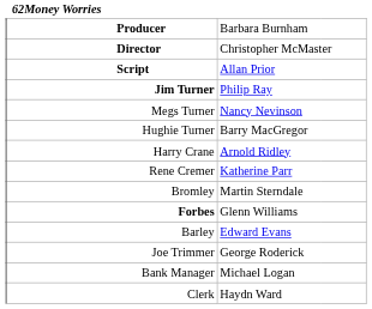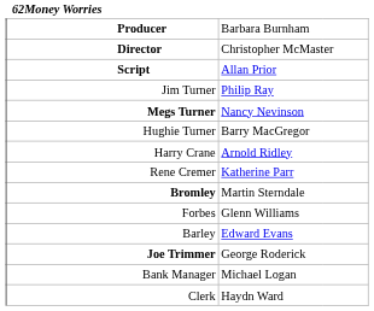 <table class="wikitable mw-collapsible mw-collapsed" style="vertical-align:top;margin:auto 2em;line-height:1.2;min-width:33em;display: inline-table;background-color:inherit;border:none;">
 <tr>
 <td class=unsortable style="border:hidden;line-height:1.67;text-align:center;margin-left:-1em;padding-left:0.5em;min-width:1.0em;"></td>
 <td class=unsortable style="border:none;padding-left:0.5em;text-align:left;min-width:16.5em;font-weight:700;font-style:italic;">62Money Worries</td>
 <td class=unsortable style="border:none;text-align:right;font-weight:normal;font-family:Courier;font-size:95%;letter-spacing:-1pt;min-width:8.5em;padding-right:0.2em;"></td>
 <td class=unsortable style="border:hidden;min-width:3.5em;padding-left:0;"></td>
 <td class=unsortable style="border:hidden;min-width:3.5em;font-size:95%;"></td>
 </tr>
 <tr>
 <td rowspan=100 style="border:none thin;border-right-style :solid;"></td>
 </tr>
 <tr>
 <td style="text-align:left;padding-left:9.0em;font-weight:bold;">Producer</td>
 <td colspan=2>Barbara Burnham</td>
 </tr>
 <tr>
 <td style="text-align:left;padding-left:9.0em;font-weight:bold;">Director</td>
 <td colspan=2>Christopher McMaster</td>
 </tr>
 <tr>
 <td style="text-align:left;padding-left:9.0em;font-weight:bold;">Script</td>
 <td colspan=2><a href='#'>Allan Prior</a></td>
 </tr>
 <tr>
-<td style="text-align:right;"><strong>Jim Turner</strong></td>
+<td style="text-align:right;">Jim Turner</td>
 <td colspan=2><a href='#'>Philip Ray</a></td>
 </tr>
 <tr>
-<td style="text-align:right;">Megs Turner</td>
+<td style="text-align:right;"><strong>Megs Turner</strong></td>
 <td colspan=2><a href='#'>Nancy Nevinson</a></td>
 </tr>
 <tr>
 <td style="text-align:right;">Hughie Turner</td>
 <td colspan=2>Barry MacGregor</td>
 </tr>
 <tr>
 <td style="text-align:right;">Harry Crane</td>
 <td colspan=2><a href='#'>Arnold Ridley</a></td>
 </tr>
 <tr>
 <td style="text-align:right;">Rene Cremer</td>
 <td colspan=2><a href='#'>Katherine Parr</a></td>
 </tr>
 <tr>
-<td style="text-align:right;">Bromley</td>
+<td style="text-align:right;"><strong>Bromley</strong></td>
 <td colspan=2>Martin Sterndale</td>
 </tr>
 <tr>
-<td style="text-align:right;"><strong>Forbes</strong></td>
+<td style="text-align:right;">Forbes</td>
 <td colspan=2>Glenn Williams</td>
 </tr>
 <tr>
 <td style="text-align:right;">Barley</td>
 <td colspan=2><a href='#'>Edward Evans</a></td>
 </tr>
 <tr>
-<td style="text-align:right;">Joe Trimmer</td>
+<td style="text-align:right;"><strong>Joe Trimmer</strong></td>
 <td colspan=2>George Roderick</td>
 </tr>
 <tr>
 <td style="text-align:right;">Bank Manager</td>
 <td colspan=2>Michael Logan</td>
 </tr>
 <tr>
 <td style="text-align:right;">Clerk</td>
 <td colspan=2>Haydn Ward</td>
 </tr>
 </table>
